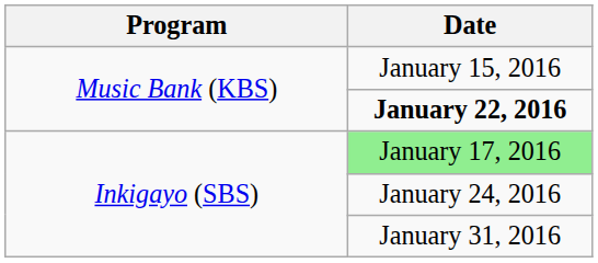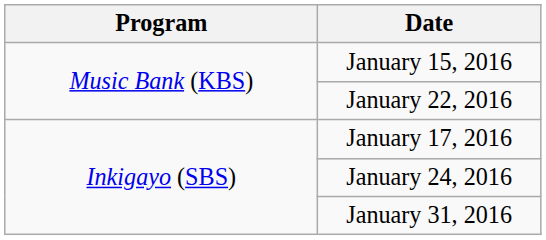 <table class="wikitable" style="text-align:center">
 <tr>
 <th width="200">Program</th>
 <th width="140">Date</th>
 </tr>
 <tr>
 <td rowspan="2"><em><a href='#'>Music Bank</a></em> (<a href='#'>KBS</a>)</td>
 <td>January 15, 2016</td>
 </tr>
 <tr>
-<td><strong>January 22, 2016</strong></td>
+<td>January 22, 2016</td>
 </tr>
 <tr>
 <td rowspan="3"><em><a href='#'>Inkigayo</a></em> (<a href='#'>SBS</a>)</td>
-<td style="background: lightgreen;">January 17, 2016</td>
+<td>January 17, 2016</td>
 </tr>
 <tr>
 <td>January 24, 2016</td>
 </tr>
 <tr>
 <td>January 31, 2016</td>
 </tr>
 </table>
